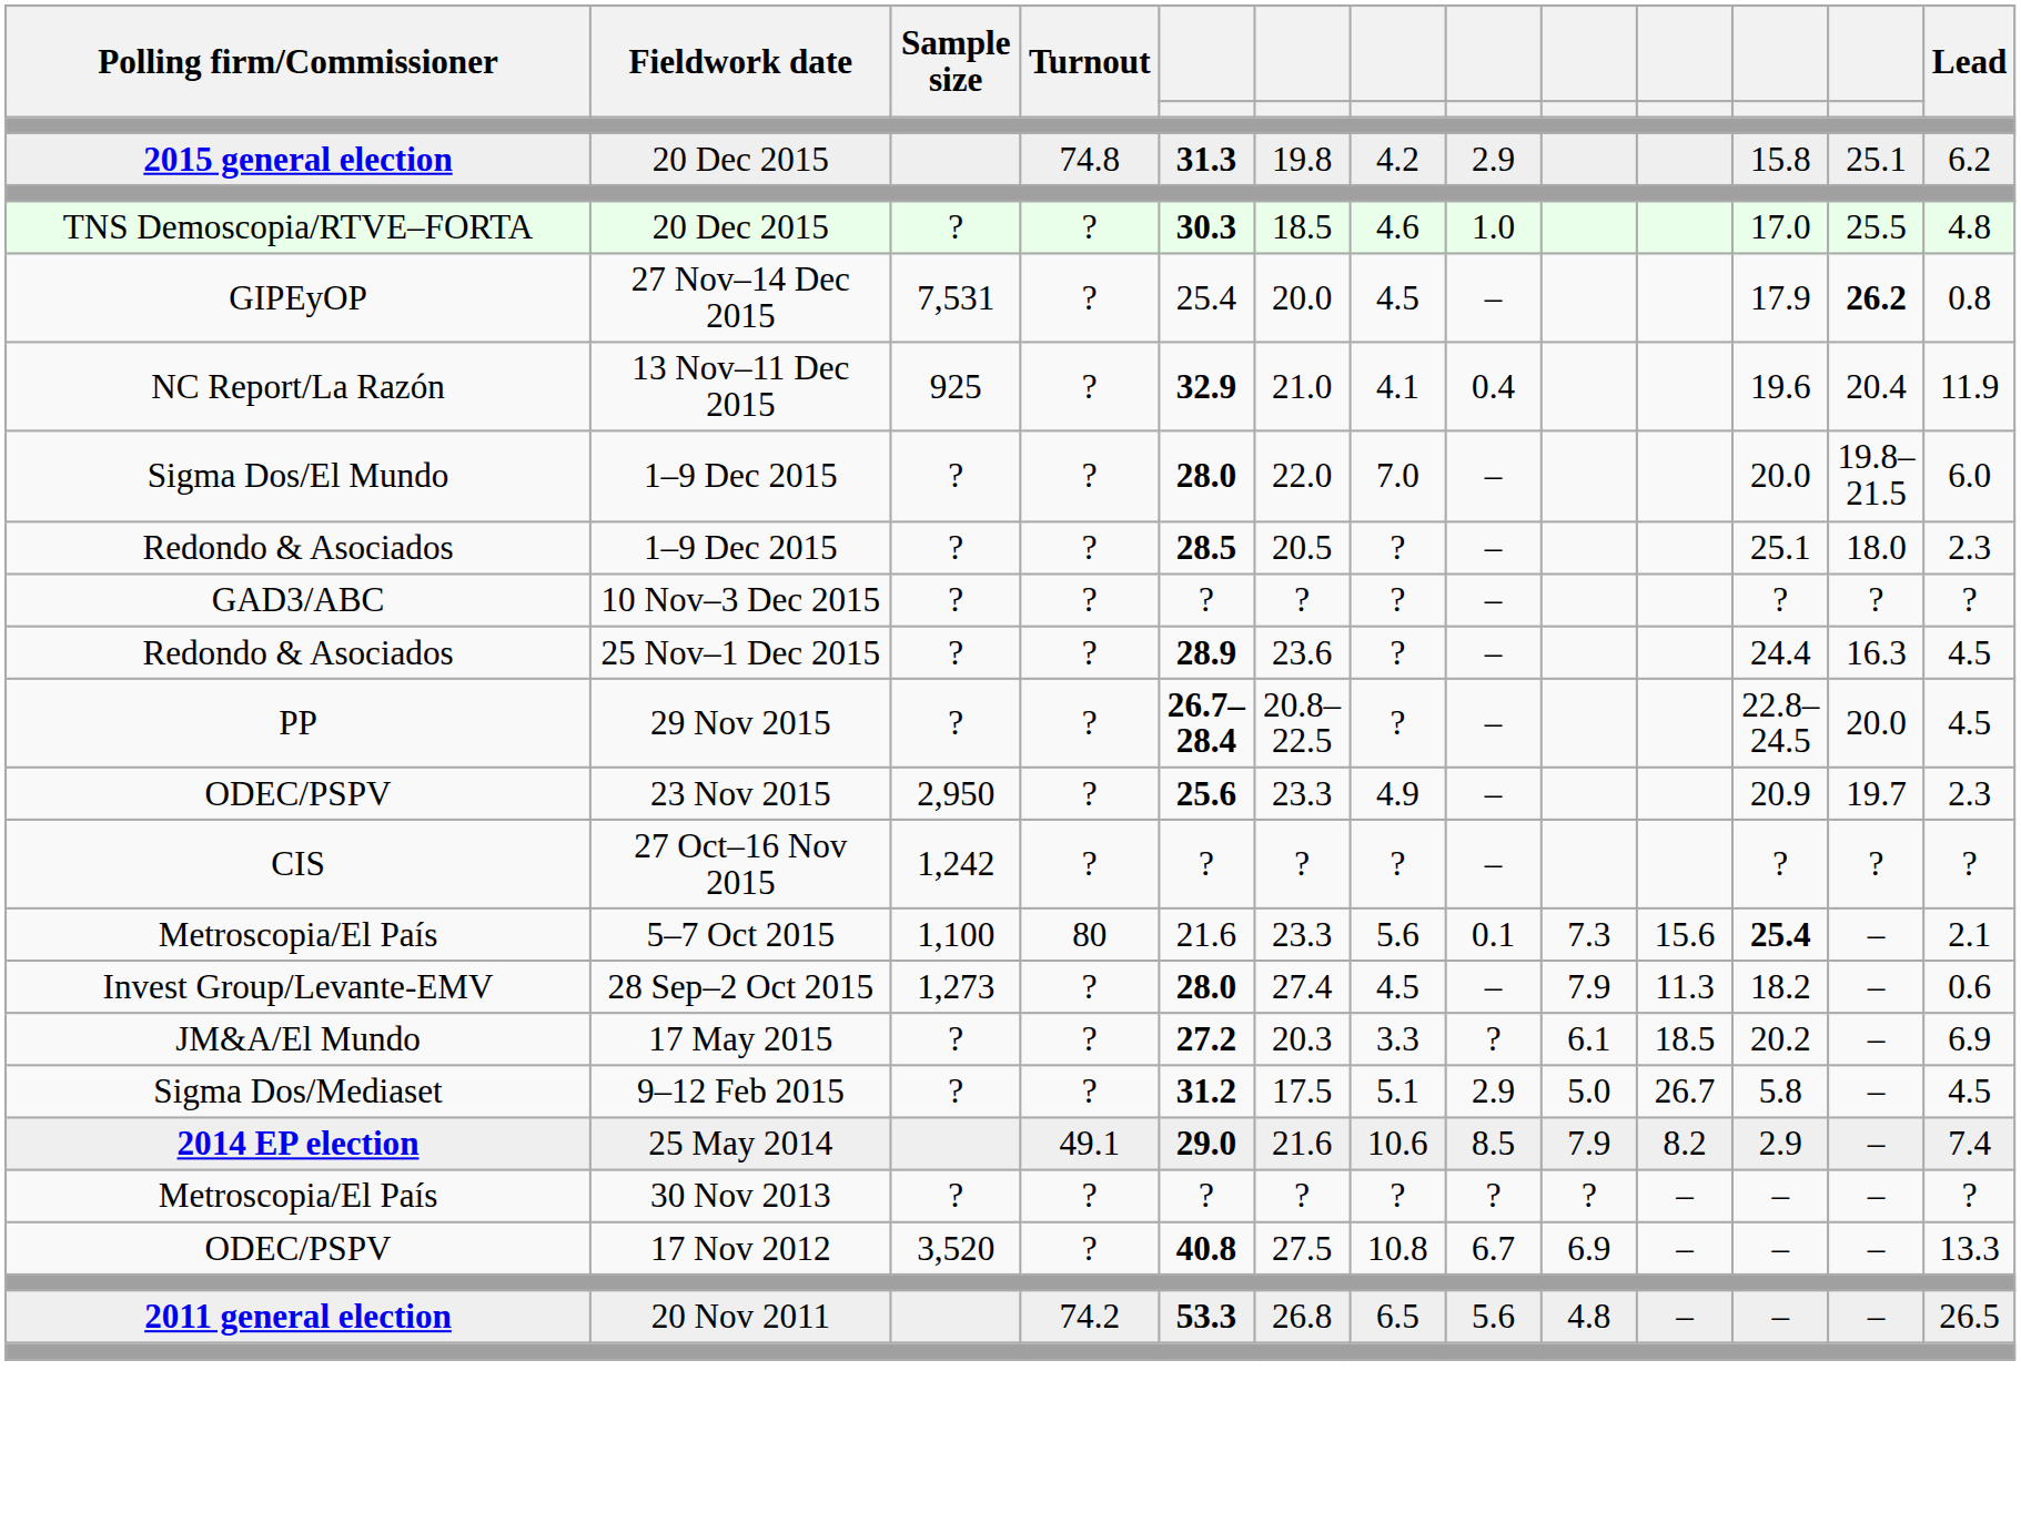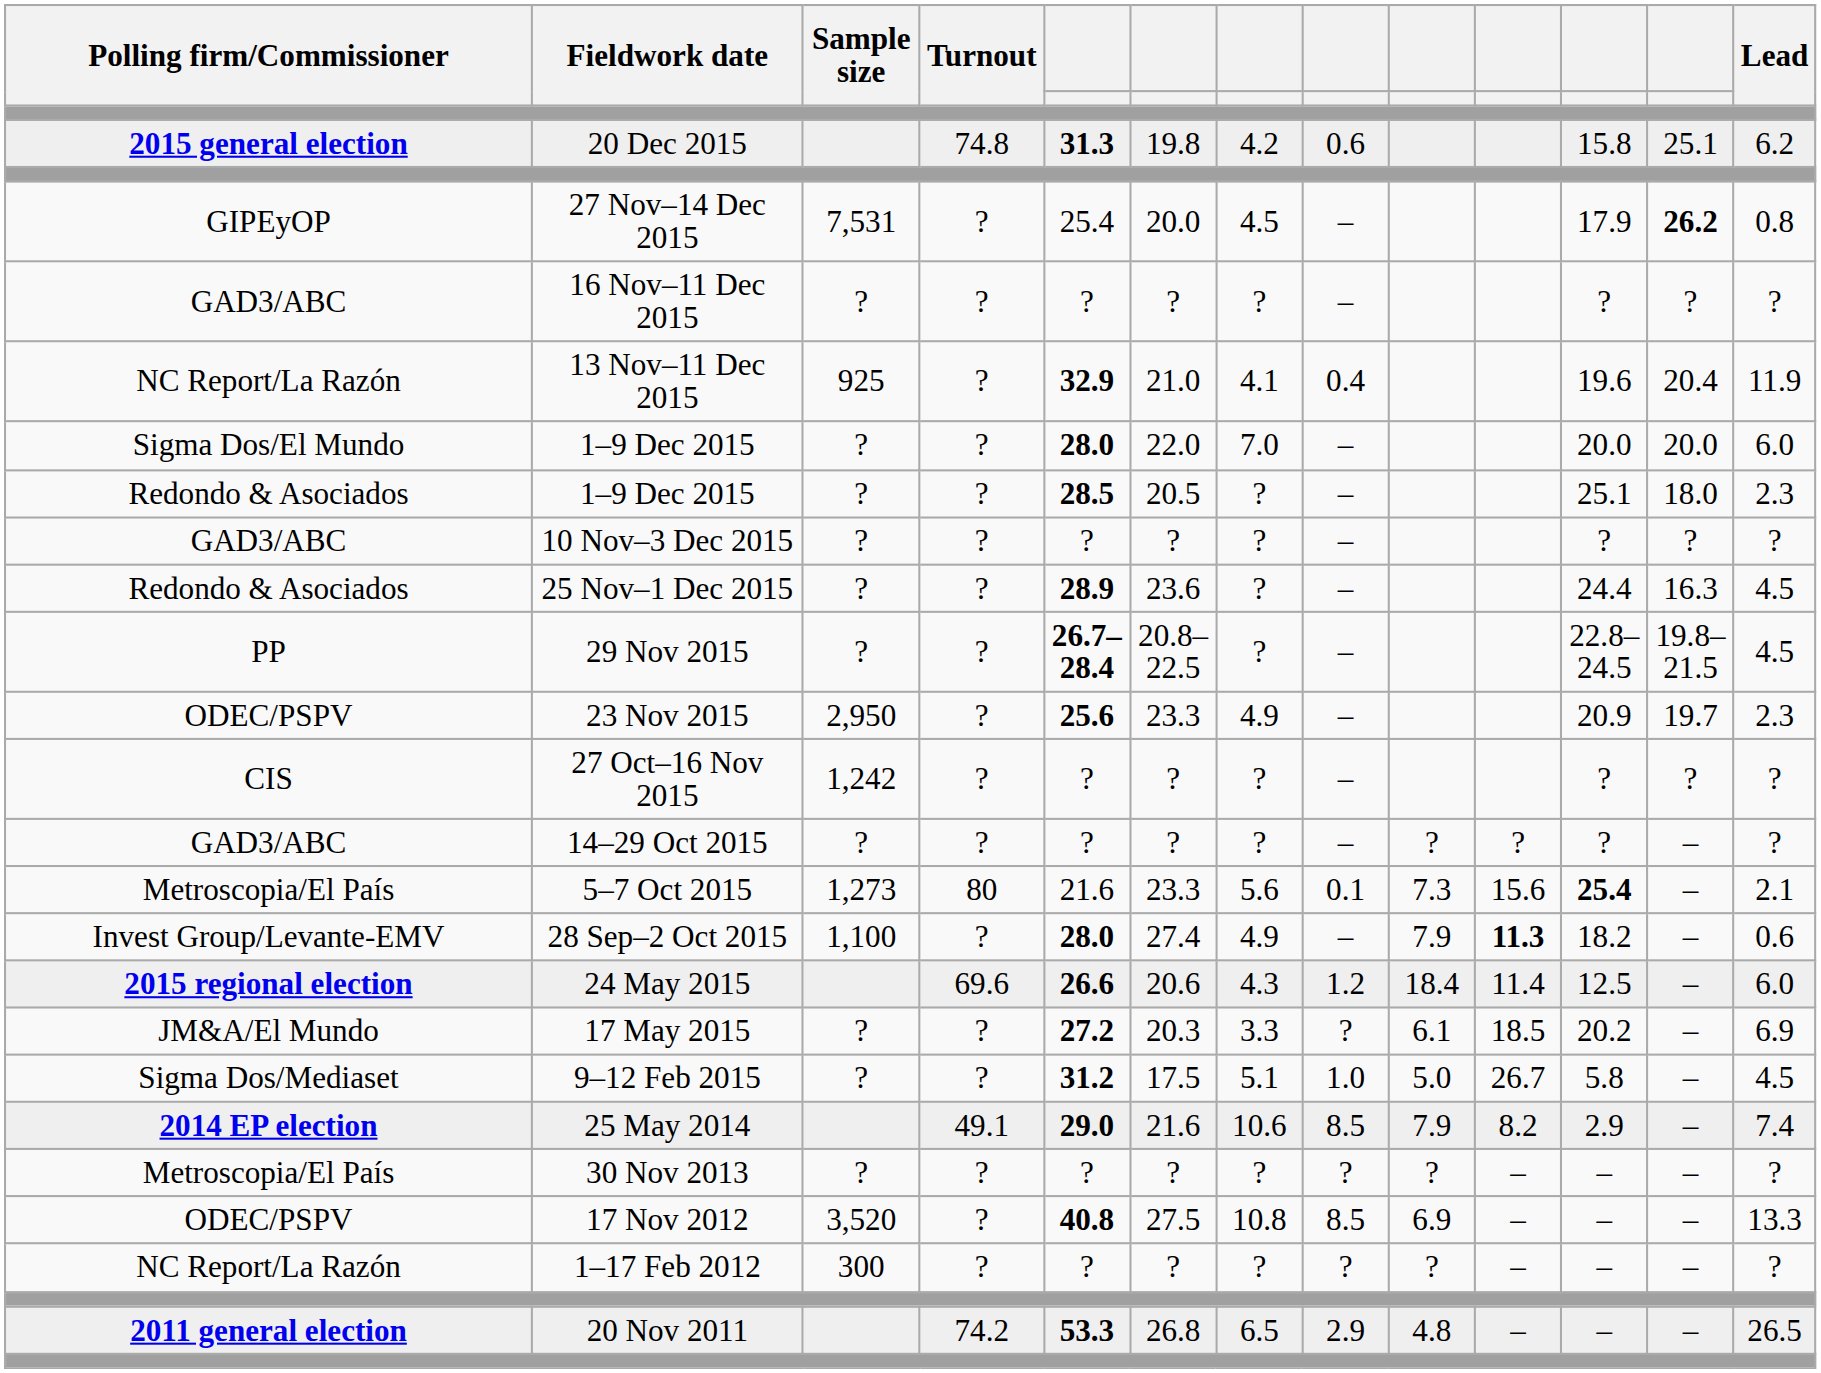 <table class="wikitable collapsible collapsed" style="text-align:center; font-size:95%; line-height:16px;">
 <tr style="height:42px; background-color:#E9E9E9">
 <th style="width:250px;" rowspan="2">Polling firm/Commissioner</th>
 <th style="width:125px;" rowspan="2">Fieldwork date</th>
 <th style="width:50px;" rowspan="2">Sample size</th>
 <th style="width:45px;" rowspan="2">Turnout</th>
 <th style="width:35px;"></th>
 <th style="width:35px;"></th>
 <th style="width:35px;"></th>
 <th style="width:35px;"></th>
 <th style="width:35px;"></th>
 <th style="width:35px;"></th>
 <th style="width:35px;"></th>
 <th style="width:35px;"></th>
 <th style="width:30px;" rowspan="2">Lead</th>
 </tr>
 <tr>
 <th style="color:inherit;background:"></th>
 <th style="color:inherit;background:"></th>
 <th style="color:inherit;background:"></th>
 <th style="color:inherit;background:"></th>
 <th style="color:inherit;background:"></th>
 <th style="color:inherit;background:"></th>
 <th style="color:inherit;background:"></th>
 <th style="color:inherit;background:"></th>
 </tr>
 <tr>
 <td colspan="13" style="background:#A0A0A0"></td>
 </tr>
 <tr style="background:#EFEFEF;">
 <td><strong><a href='#'>2015 general election</a></strong></td>
 <td>20 Dec 2015</td>
 <td></td>
 <td>74.8</td>
 <td><strong>31.3</strong><br></td>
 <td>19.8<br></td>
 <td>4.2<br></td>
-<td>2.9</td>
+<td>0.6<br></td>
 <td></td>
 <td></td>
 <td>15.8<br></td>
 <td>25.1<br></td>
 <td style="background:">6.2</td>
 </tr>
 <tr>
 <td colspan="13" style="background:#A0A0A0"></td>
-</tr>
-<tr style="background:#EAFFEA;">
-<td>TNS Demoscopia/RTVE–FORTA</td>
-<td>20 Dec 2015</td>
-<td>?</td>
-<td>?</td>
-<td><strong>30.3</strong><br></td>
-<td>18.5<br></td>
-<td>4.6<br></td>
-<td>1.0<br></td>
-<td></td>
-<td></td>
-<td>17.0<br></td>
-<td>25.5<br></td>
-<td style="background:">4.8</td>
 </tr>
 <tr>
 <td>GIPEyOP</td>
 <td>27 Nov–14 Dec 2015</td>
 <td>7,531</td>
 <td>?</td>
 <td>25.4<br></td>
 <td>20.0<br></td>
 <td>4.5<br></td>
 <td>–</td>
 <td></td>
 <td></td>
 <td>17.9<br></td>
 <td><strong>26.2</strong><br></td>
 <td style="background:">0.8</td>
+</tr>
+<tr>
+<td>GAD3/ABC</td>
+<td>16 Nov–11 Dec 2015</td>
+<td>?</td>
+<td>?</td>
+<td>?<br></td>
+<td>?<br></td>
+<td>?<br></td>
+<td>–</td>
+<td></td>
+<td></td>
+<td>?<br></td>
+<td>?<br></td>
+<td style="background:">?</td>
 </tr>
 <tr>
 <td>NC Report/La Razón</td>
 <td>13 Nov–11 Dec 2015</td>
 <td>925</td>
 <td>?</td>
 <td><strong>32.9</strong><br></td>
 <td>21.0<br></td>
 <td>4.1<br></td>
 <td>0.4<br></td>
 <td></td>
 <td></td>
 <td>19.6<br></td>
 <td>20.4<br></td>
 <td style="background:">11.9</td>
 </tr>
 <tr>
 <td>Sigma Dos/El Mundo</td>
 <td>1–9 Dec 2015</td>
 <td>?</td>
 <td>?</td>
 <td><strong>28.0</strong><br></td>
 <td>22.0<br></td>
 <td>7.0<br></td>
 <td>–</td>
 <td></td>
 <td></td>
 <td>20.0<br></td>
-<td>19.8–<br>21.5<br></td>
+<td>20.0<br></td>
 <td style="background:">6.0</td>
 </tr>
 <tr>
 <td>Redondo & Asociados</td>
 <td>1–9 Dec 2015</td>
 <td>?</td>
 <td>?</td>
 <td><strong>28.5</strong><br></td>
 <td>20.5<br></td>
 <td>?<br></td>
 <td>–</td>
 <td></td>
 <td></td>
 <td>25.1<br></td>
 <td>18.0<br></td>
 <td style="background:">2.3</td>
 </tr>
 <tr>
 <td>GAD3/ABC</td>
 <td>10 Nov–3 Dec 2015</td>
 <td>?</td>
 <td>?</td>
 <td>?<br></td>
 <td>?<br></td>
 <td>?<br></td>
 <td>–</td>
 <td></td>
 <td></td>
 <td>?<br></td>
 <td>?<br></td>
 <td style="background:">?</td>
 </tr>
 <tr>
 <td>Redondo & Asociados</td>
 <td>25 Nov–1 Dec 2015</td>
 <td>?</td>
 <td>?</td>
 <td><strong>28.9</strong><br></td>
 <td>23.6<br></td>
 <td>?<br></td>
 <td>–</td>
 <td></td>
 <td></td>
 <td>24.4<br></td>
 <td>16.3<br></td>
 <td style="background:">4.5</td>
 </tr>
 <tr>
 <td>PP</td>
 <td>29 Nov 2015</td>
 <td>?</td>
 <td>?</td>
 <td><strong>26.7–<br>28.4</strong><br></td>
 <td>20.8–<br>22.5<br></td>
 <td>?<br></td>
 <td>–</td>
 <td></td>
 <td></td>
 <td>22.8–<br>24.5<br></td>
-<td>20.0<br></td>
+<td>19.8–<br>21.5<br></td>
 <td style="background:">4.5</td>
 </tr>
 <tr>
 <td>ODEC/PSPV</td>
 <td>23 Nov 2015</td>
 <td>2,950</td>
 <td>?</td>
 <td><strong>25.6</strong><br></td>
 <td>23.3<br></td>
 <td>4.9<br></td>
 <td>–</td>
 <td></td>
 <td></td>
 <td>20.9<br></td>
 <td>19.7<br></td>
 <td style="background:">2.3</td>
 </tr>
 <tr>
 <td>CIS</td>
 <td>27 Oct–16 Nov 2015</td>
 <td>1,242</td>
 <td>?</td>
 <td>?<br></td>
 <td>?<br></td>
 <td>?<br></td>
 <td>–</td>
 <td></td>
 <td></td>
 <td>?<br></td>
 <td>?<br></td>
 <td style="background:">?</td>
 </tr>
 <tr>
+<td>GAD3/ABC</td>
+<td>14–29 Oct 2015</td>
+<td>?</td>
+<td>?</td>
+<td>?<br></td>
+<td>?<br></td>
+<td>?<br></td>
+<td>–</td>
+<td>?<br></td>
+<td>?<br></td>
+<td>?<br></td>
+<td>–</td>
+<td style="background:">?</td>
+</tr>
+<tr>
 <td>Metroscopia/El País</td>
 <td>5–7 Oct 2015</td>
-<td>1,100</td>
+<td>1,273</td>
 <td>80</td>
 <td>21.6<br></td>
 <td>23.3<br></td>
 <td>5.6<br></td>
 <td>0.1<br></td>
 <td>7.3<br></td>
 <td>15.6<br></td>
 <td><strong>25.4</strong><br></td>
 <td>–</td>
 <td style="background:">2.1</td>
 </tr>
 <tr>
 <td>Invest Group/Levante-EMV</td>
 <td>28 Sep–2 Oct 2015</td>
-<td>1,273</td>
+<td>1,100</td>
 <td>?</td>
 <td><strong>28.0</strong><br></td>
 <td>27.4<br></td>
-<td>4.5<br></td>
+<td>4.9<br></td>
 <td>–</td>
 <td>7.9<br></td>
-<td>11.3<br></td>
+<td><strong>11.3<br></strong></td>
 <td>18.2<br></td>
 <td>–</td>
 <td style="background:">0.6</td>
+</tr>
+<tr style="background:#EFEFEF;">
+<td><strong><a href='#'>2015 regional election</a></strong></td>
+<td>24 May 2015</td>
+<td></td>
+<td>69.6</td>
+<td><strong>26.6</strong><br></td>
+<td>20.6<br></td>
+<td>4.3<br></td>
+<td>1.2<br></td>
+<td>18.4<br></td>
+<td>11.4<br></td>
+<td>12.5<br></td>
+<td>–</td>
+<td style="background:">6.0</td>
 </tr>
 <tr>
 <td>JM&A/El Mundo</td>
 <td>17 May 2015</td>
 <td>?</td>
 <td>?</td>
 <td><strong>27.2</strong><br></td>
 <td>20.3<br></td>
 <td>3.3<br></td>
 <td>?<br></td>
 <td>6.1<br></td>
 <td>18.5<br></td>
 <td>20.2<br></td>
 <td>–</td>
 <td style="background:">6.9</td>
 </tr>
 <tr>
 <td>Sigma Dos/Mediaset</td>
 <td>9–12 Feb 2015</td>
 <td>?</td>
 <td>?</td>
 <td><strong>31.2</strong></td>
 <td>17.5</td>
 <td>5.1</td>
-<td>2.9</td>
+<td>1.0<br></td>
 <td>5.0</td>
 <td>26.7</td>
 <td>5.8</td>
 <td>–</td>
 <td style="background:">4.5</td>
 </tr>
 <tr style="background:#EFEFEF;">
 <td><strong><a href='#'>2014 EP election</a></strong></td>
 <td>25 May 2014</td>
 <td></td>
 <td>49.1</td>
 <td><strong>29.0</strong><br></td>
 <td>21.6<br></td>
 <td>10.6<br></td>
 <td>8.5<br></td>
 <td>7.9<br></td>
 <td>8.2<br></td>
 <td>2.9<br></td>
 <td>–</td>
 <td style="background:">7.4</td>
 </tr>
 <tr>
 <td>Metroscopia/El País</td>
 <td>30 Nov 2013</td>
 <td>?</td>
 <td>?</td>
 <td>?<br></td>
 <td>?<br></td>
 <td>?<br></td>
 <td>?<br></td>
 <td>?<br></td>
 <td>–</td>
 <td>–</td>
 <td>–</td>
 <td style="background:">?</td>
 </tr>
 <tr>
 <td>ODEC/PSPV</td>
 <td>17 Nov 2012</td>
 <td>3,520</td>
 <td>?</td>
 <td><strong>40.8</strong></td>
 <td>27.5</td>
 <td>10.8</td>
-<td>6.7</td>
+<td>8.5<br></td>
 <td>6.9</td>
 <td>–</td>
 <td>–</td>
 <td>–</td>
 <td style="background:">13.3</td>
+</tr>
+<tr>
+<td>NC Report/La Razón</td>
+<td>1–17 Feb 2012</td>
+<td>300</td>
+<td>?</td>
+<td>?<br></td>
+<td>?<br></td>
+<td>?<br></td>
+<td>?<br></td>
+<td>?<br></td>
+<td>–</td>
+<td>–</td>
+<td>–</td>
+<td style="background:">?</td>
 </tr>
 <tr>
 <td colspan="13" style="background:#A0A0A0"></td>
 </tr>
 <tr style="background:#EFEFEF;">
 <td><strong><a href='#'>2011 general election</a></strong></td>
 <td>20 Nov 2011</td>
 <td></td>
 <td>74.2</td>
 <td><strong>53.3</strong><br></td>
 <td>26.8<br></td>
 <td>6.5<br></td>
-<td>5.6<br></td>
+<td>2.9</td>
 <td>4.8<br></td>
 <td>–</td>
 <td>–</td>
 <td>–</td>
 <td style="background:">26.5</td>
 </tr>
 <tr>
 <td colspan="13" style="background:#A0A0A0"></td>
 </tr>
 </table>
